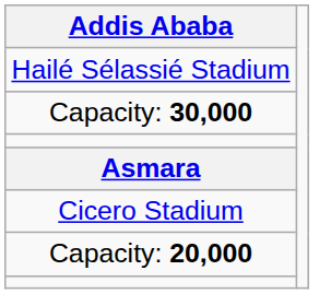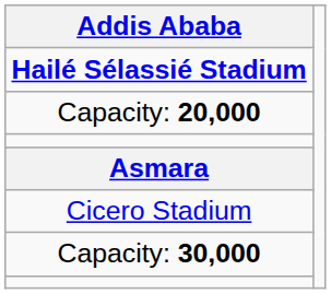 <table class=wikitable style="text-align:center">
 <tr>
 <th><a href='#'>Addis Ababa</a></th>
 <td rowspan="8"><br>  </td>
 </tr>
 <tr>
-<td><a href='#'>Hailé Sélassié Stadium</a></td>
+<td><strong><a href='#'>Hailé Sélassié Stadium</a></strong></td>
 </tr>
 <tr>
-<td>Capacity: <strong>30,000</strong></td>
+<td>Capacity: <strong>20,000</strong></td>
 </tr>
 <tr>
 <td></td>
 </tr>
 <tr>
 <th><a href='#'>Asmara</a></th>
 </tr>
 <tr>
 <td><a href='#'>Cicero Stadium</a></td>
 </tr>
 <tr>
-<td>Capacity: <strong>20,000</strong></td>
+<td>Capacity: <strong>30,000</strong></td>
 </tr>
 <tr>
 <td></td>
 </tr>
 </table>
